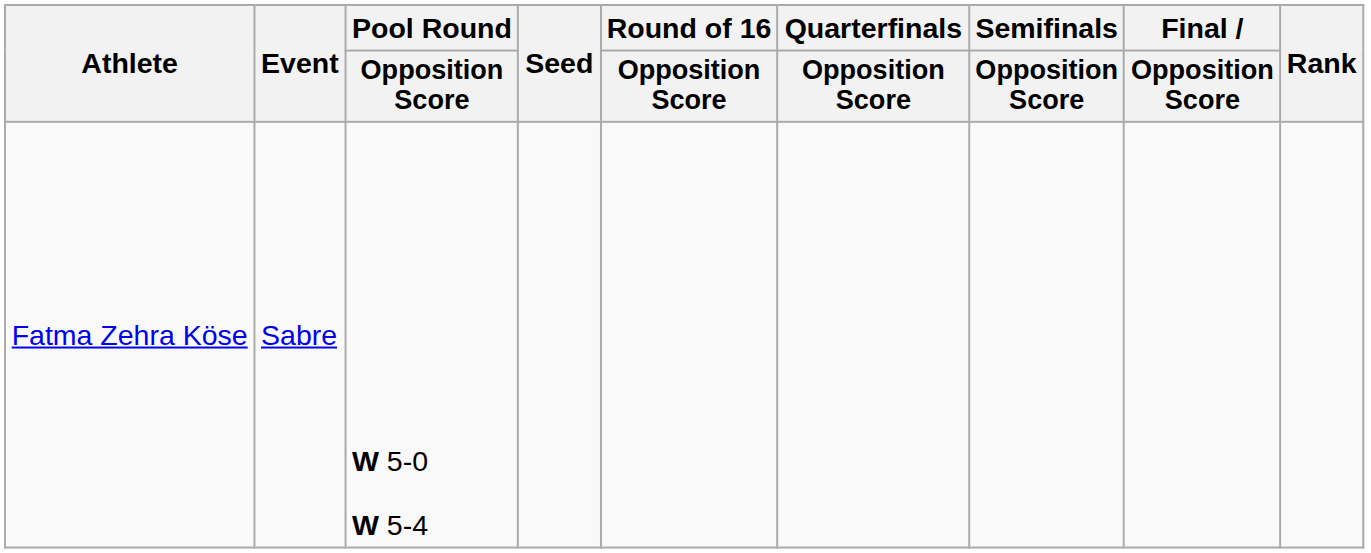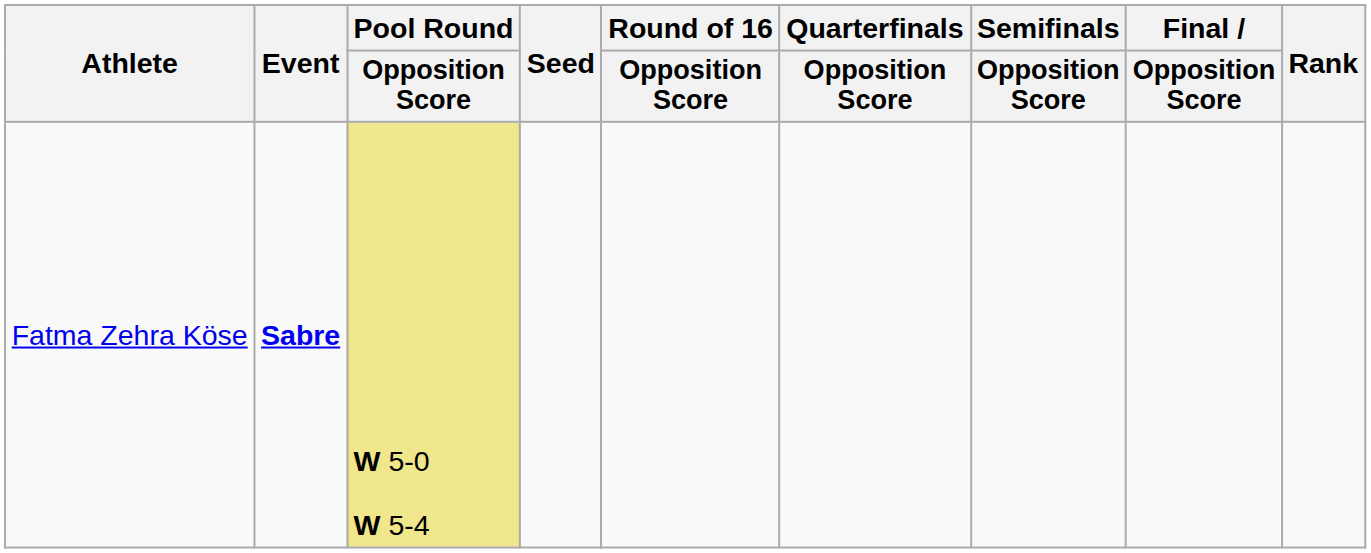 <table class=wikitable style="font-size:90%">
 <tr>
 <th rowspan="2">Athlete</th>
 <th rowspan="2">Event</th>
 <th>Pool Round</th>
 <th rowspan="2">Seed</th>
 <th>Round of 16</th>
 <th>Quarterfinals</th>
 <th>Semifinals</th>
 <th>Final / </th>
 <th rowspan=2>Rank</th>
 </tr>
 <tr style="font-size:95%">
 <th>Opposition<br>Score</th>
 <th>Opposition<br>Score</th>
 <th>Opposition<br>Score</th>
 <th>Opposition<br>Score</th>
 <th>Opposition<br>Score</th>
 </tr>
 <tr align=center>
 <td align=left><a href='#'>Fatma Zehra Köse</a></td>
-<td align=left><a href='#'>Sabre</a></td>
-<td align=left><br><br> <br><br> <br><br> <br><br> <br><br><strong>W</strong> 5-0<br><br><strong>W</strong> 5-4</td>
+<td align=left><strong><a href='#'>Sabre</a></strong></td>
+<td align=left style="background: khaki;"><br><br> <br><br> <br><br> <br><br> <br><br><strong>W</strong> 5-0<br><br><strong>W</strong> 5-4</td>
 <td></td>
 <td></td>
 <td></td>
 <td></td>
 <td></td>
 <td></td>
 </tr>
 </table>
